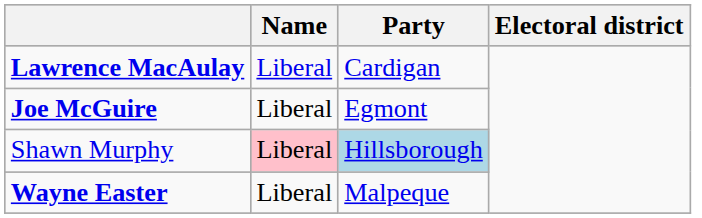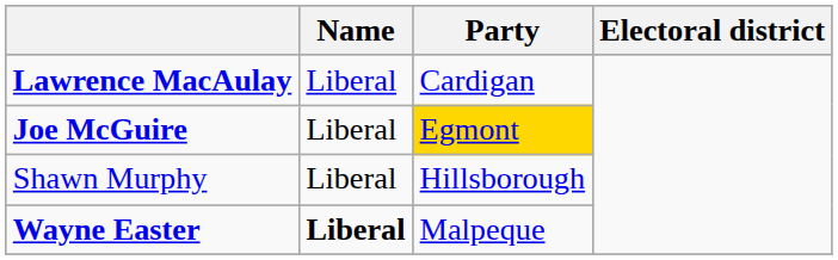 <table class="wikitable">
 <tr>
 <th></th>
 <th>Name</th>
 <th>Party</th>
 <th>Electoral district</th>
 </tr>
 <tr>
 <td><strong><a href='#'>Lawrence MacAulay</a></strong></td>
 <td><a href='#'>Liberal</a></td>
 <td><a href='#'>Cardigan</a></td>
 </tr>
 <tr>
 <td><strong><a href='#'>Joe McGuire</a></strong></td>
 <td>Liberal</td>
-<td><a href='#'>Egmont</a></td>
+<td style="background: gold;"><a href='#'>Egmont</a></td>
 </tr>
 <tr>
 <td><a href='#'>Shawn Murphy</a></td>
-<td style="background: pink;">Liberal</td>
-<td style="background: lightblue;"><a href='#'>Hillsborough</a></td>
+<td>Liberal</td>
+<td><a href='#'>Hillsborough</a></td>
 </tr>
 <tr>
 <td><strong><a href='#'>Wayne Easter</a></strong></td>
-<td>Liberal</td>
+<td><strong>Liberal</strong></td>
 <td><a href='#'>Malpeque</a></td>
 </tr>
 </table>
